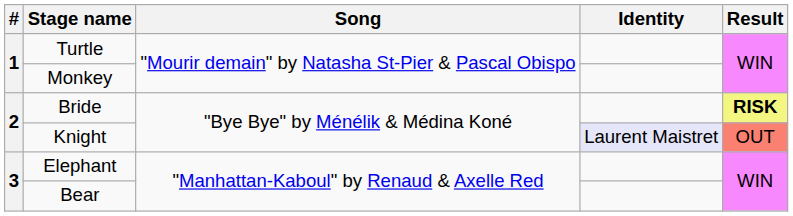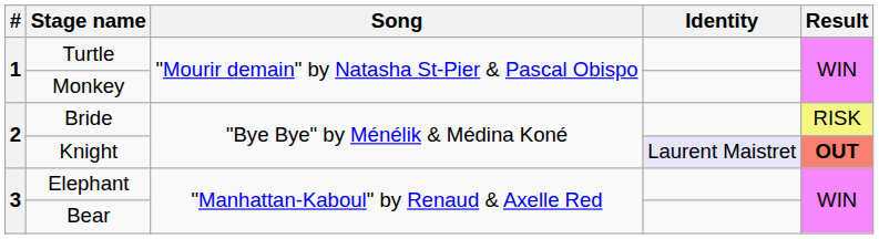 <table class="wikitable plainrowheaders" style="text-align: center;">
 <tr>
 <th>#</th>
 <th>Stage name</th>
 <th>Song</th>
 <th>Identity</th>
 <th>Result</th>
 </tr>
 <tr>
 <th rowspan="2">1</th>
 <td>Turtle</td>
 <td rowspan="2">"<a href='#'>Mourir demain</a>" by <a href='#'>Natasha St-Pier</a> & <a href='#'>Pascal Obispo</a></td>
 <td></td>
 <td rowspan="2" bgcolor="F888FD">WIN</td>
 </tr>
 <tr>
 <td>Monkey</td>
 <td></td>
 </tr>
 <tr>
 <th rowspan="2">2</th>
 <td>Bride</td>
 <td rowspan="2">"Bye Bye" by <a href='#'>Ménélik</a> & Médina Koné</td>
 <td></td>
-<td bgcolor="#F3F781"><strong>RISK</strong></td>
+<td bgcolor="#F3F781">RISK</td>
 </tr>
 <tr>
 <td>Knight</td>
 <td style="background: lavender;">Laurent Maistret</td>
-<td bgcolor="salmon">OUT</td>
+<td bgcolor="salmon"><strong>OUT</strong></td>
 </tr>
 <tr>
 <th rowspan="2">3</th>
 <td>Elephant</td>
 <td rowspan="2">"<a href='#'>Manhattan-Kaboul</a>" by <a href='#'>Renaud</a> & <a href='#'>Axelle Red</a></td>
 <td></td>
 <td rowspan="2" bgcolor="F888FD">WIN</td>
 </tr>
 <tr>
 <td>Bear</td>
 <td></td>
 </tr>
 </table>
